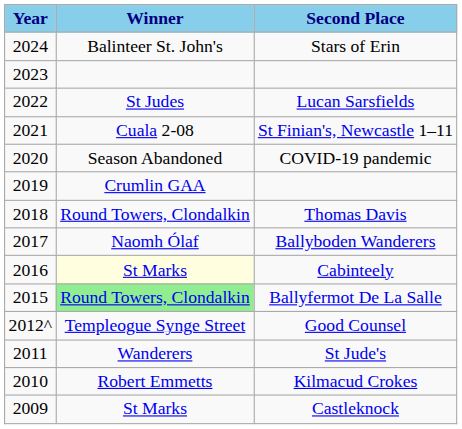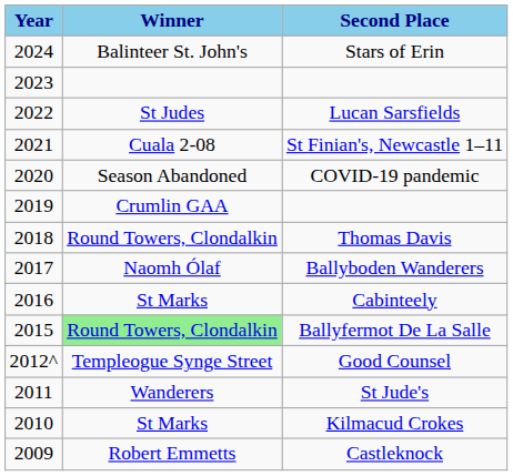 <table class="wikitable" style="text-align:center;">
 <tr>
 <th style="background:skyblue;color:navy;">Year</th>
 <th style="background:skyblue;color:navy;">Winner</th>
 <th style="background:skyblue;color:navy;">Second Place</th>
 </tr>
 <tr>
 <td>2024</td>
 <td>Balinteer St. John's</td>
 <td>Stars of Erin</td>
 </tr>
 <tr>
 <td>2023</td>
 <td></td>
 <td></td>
 </tr>
 <tr>
 <td>2022</td>
 <td><a href='#'>St Judes</a></td>
 <td><a href='#'>Lucan Sarsfields</a></td>
 </tr>
 <tr>
 <td>2021</td>
 <td><a href='#'>Cuala</a> 2-08</td>
 <td><a href='#'>St Finian's, Newcastle</a> 1–11</td>
 </tr>
 <tr>
 <td>2020</td>
 <td>Season Abandoned</td>
 <td>COVID-19 pandemic</td>
 </tr>
 <tr>
 <td>2019</td>
 <td><a href='#'>Crumlin GAA</a></td>
 <td></td>
 </tr>
 <tr>
 <td>2018</td>
 <td><a href='#'>Round Towers, Clondalkin</a></td>
 <td><a href='#'>Thomas Davis</a></td>
 </tr>
 <tr>
 <td>2017</td>
 <td><a href='#'>Naomh Ólaf</a></td>
 <td><a href='#'>Ballyboden Wanderers</a></td>
 </tr>
 <tr>
 <td>2016</td>
-<td style="background: lightyellow;"><a href='#'>St Marks</a></td>
+<td><a href='#'>St Marks</a></td>
 <td><a href='#'>Cabinteely</a></td>
 </tr>
 <tr>
 <td>2015</td>
 <td style="background: lightgreen;"><a href='#'>Round Towers, Clondalkin</a></td>
 <td><a href='#'>Ballyfermot De La Salle</a></td>
 </tr>
 <tr>
 <td>2012^</td>
 <td><a href='#'>Templeogue Synge Street</a></td>
 <td><a href='#'>Good Counsel</a></td>
 </tr>
 <tr>
 <td>2011</td>
 <td><a href='#'>Wanderers</a></td>
 <td><a href='#'>St Jude's</a></td>
 </tr>
 <tr>
 <td>2010</td>
-<td><a href='#'>Robert Emmetts</a></td>
+<td><a href='#'>St Marks</a></td>
 <td><a href='#'>Kilmacud Crokes</a></td>
 </tr>
 <tr>
 <td>2009</td>
-<td><a href='#'>St Marks</a></td>
+<td><a href='#'>Robert Emmetts</a></td>
 <td><a href='#'>Castleknock</a></td>
 </tr>
 </table>
